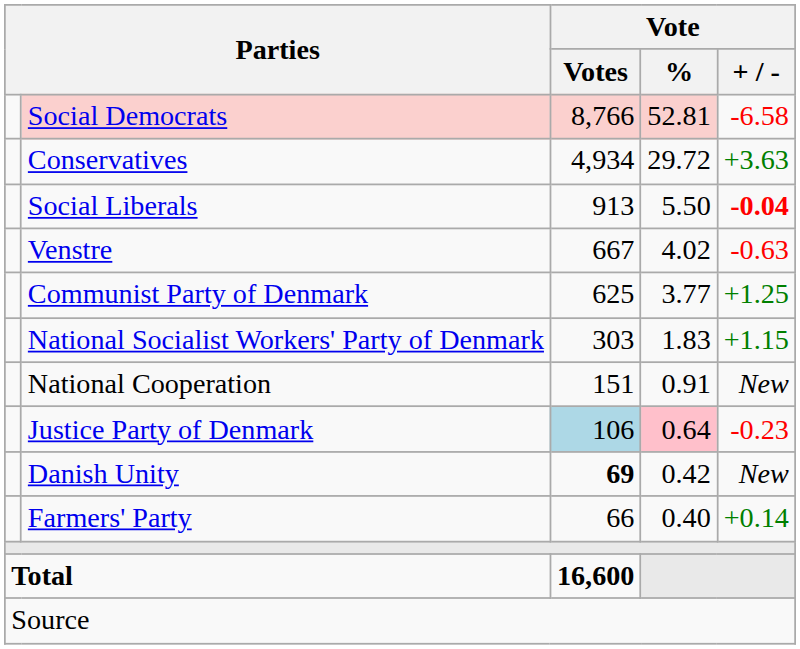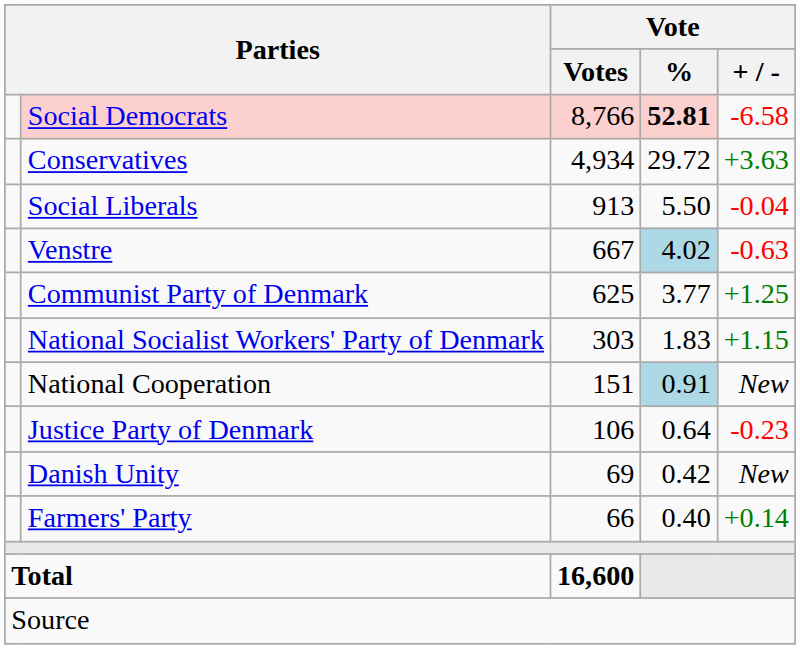 <table class="wikitable" style="text-align:right;">
 <tr>
 <th style="text-align:centre;" rowspan="2" colspan="2" width="225">Parties</th>
 <th colspan="3">Vote</th>
 </tr>
 <tr>
 <th width="15">Votes</th>
 <th width="15">%</th>
 <th width="15">+ / -</th>
 </tr>
 <tr>
 <td width="2" style="color:inherit;background:"></td>
 <td bgcolor=#fbd0ce  align="left"><a href='#'>Social Democrats</a></td>
 <td bgcolor=#fbd0ce>8,766</td>
-<td bgcolor=#fbd0ce>52.81</td>
+<td bgcolor=#fbd0ce><strong>52.81</strong></td>
 <td style=color:red;>-6.58</td>
 </tr>
 <tr>
 <td width="2" style="color:inherit;background:"></td>
 <td align="left"><a href='#'>Conservatives</a></td>
 <td>4,934</td>
 <td>29.72</td>
 <td style=color:green;>+3.63</td>
 </tr>
 <tr>
 <td width="2" style="color:inherit;background:"></td>
 <td align="left"><a href='#'>Social Liberals</a></td>
 <td>913</td>
 <td>5.50</td>
-<td style=color:red;><strong>-0.04</strong></td>
+<td style=color:red;>-0.04</td>
 </tr>
 <tr>
 <td width="2" style="color:inherit;background:"></td>
 <td align="left"><a href='#'>Venstre</a></td>
 <td>667</td>
-<td>4.02</td>
+<td style="background: lightblue;">4.02</td>
 <td style=color:red;>-0.63</td>
 </tr>
 <tr>
 <td width="2" style="color:inherit;background:"></td>
 <td align="left"><a href='#'>Communist Party of Denmark</a></td>
 <td>625</td>
 <td>3.77</td>
 <td style=color:green;>+1.25</td>
 </tr>
 <tr>
 <td width="2" style="color:inherit;background:"></td>
 <td align="left"><a href='#'>National Socialist Workers' Party of Denmark</a></td>
 <td>303</td>
 <td>1.83</td>
 <td style=color:green;>+1.15</td>
 </tr>
 <tr>
 <td width="2" style="color:inherit;background:"></td>
 <td align="left">National Cooperation</td>
 <td>151</td>
-<td>0.91</td>
+<td style="background: lightblue;">0.91</td>
 <td><em>New</em></td>
 </tr>
 <tr>
 <td width="2" style="color:inherit;background:"></td>
 <td align="left"><a href='#'>Justice Party of Denmark</a></td>
-<td style="background: lightblue;">106</td>
-<td style="background: pink;">0.64</td>
+<td>106</td>
+<td>0.64</td>
 <td style=color:red;>-0.23</td>
 </tr>
 <tr>
 <td width="2" style="color:inherit;background:"></td>
 <td align="left"><a href='#'>Danish Unity</a></td>
-<td><strong>69</strong></td>
+<td>69</td>
 <td>0.42</td>
 <td><em>New</em></td>
 </tr>
 <tr>
 <td width="2" style="color:inherit;background:"></td>
 <td align="left"><a href='#'>Farmers' Party</a></td>
 <td>66</td>
 <td>0.40</td>
 <td style=color:green;>+0.14</td>
 </tr>
 <tr>
 <td colspan="7" bgcolor="#E9E9E9"></td>
 </tr>
 <tr>
 <td align="left" colspan="2"><strong>Total</strong></td>
 <td><strong>16,600</strong></td>
 <td bgcolor="#E9E9E9" colspan="2"></td>
 </tr>
 <tr>
 <td align="left" colspan="6">Source</td>
 </tr>
 </table>
